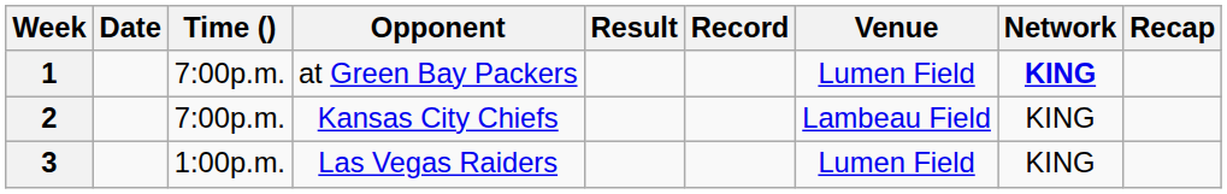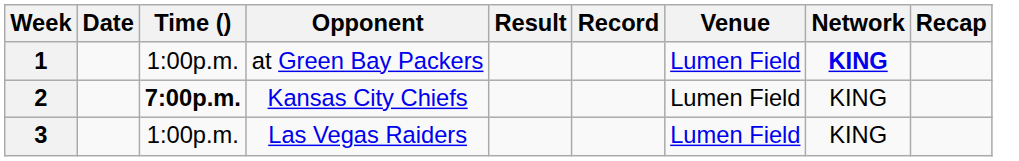 <table class="wikitable" style="text-align:center">
 <tr>
 <th>Week</th>
 <th>Date</th>
 <th>Time (<a href='#'></a>)</th>
 <th>Opponent</th>
 <th>Result</th>
 <th>Record</th>
 <th>Venue</th>
 <th>Network</th>
 <th>Recap</th>
 </tr>
 <tr>
 <th>1</th>
 <td></td>
-<td>7:00p.m.</td>
+<td>1:00p.m.</td>
 <td>at <a href='#'>Green Bay Packers</a></td>
 <td></td>
 <td></td>
 <td><a href='#'>Lumen Field</a></td>
 <td><strong><a href='#'>KING</a></strong></td>
 <td></td>
 </tr>
 <tr>
 <th>2</th>
 <td></td>
-<td>7:00p.m.</td>
+<td><strong>7:00p.m.</strong></td>
 <td><a href='#'>Kansas City Chiefs</a></td>
 <td></td>
 <td></td>
-<td><a href='#'>Lambeau Field</a></td>
+<td>Lumen Field</td>
 <td>KING</td>
 <td></td>
 </tr>
 <tr>
 <th>3</th>
 <td></td>
 <td>1:00p.m.</td>
 <td><a href='#'>Las Vegas Raiders</a></td>
 <td></td>
 <td></td>
 <td><a href='#'>Lumen Field</a></td>
 <td>KING</td>
 <td></td>
 </tr>
 </table>
